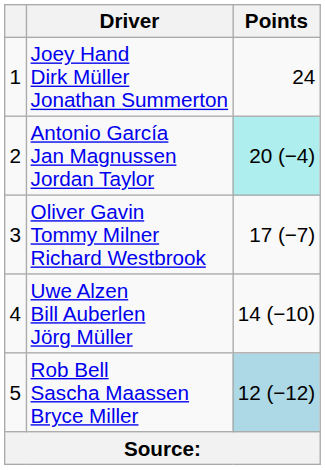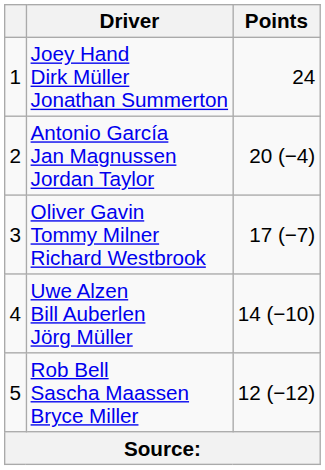 <table class="wikitable" style="font-size: 95%;">
 <tr>
 <th scope="col"></th>
 <th scope="col">Driver</th>
 <th scope="col">Points</th>
 </tr>
 <tr>
 <td align=center>1</td>
 <td> <a href='#'>Joey Hand</a><br> <a href='#'>Dirk Müller</a><br> <a href='#'>Jonathan Summerton</a></td>
 <td align=right>24</td>
 </tr>
 <tr>
 <td align=center>2</td>
 <td> <a href='#'>Antonio García</a><br> <a href='#'>Jan Magnussen</a><br> <a href='#'>Jordan Taylor</a></td>
-<td align=right style="background: paleturquoise;">20 (−4)</td>
+<td align=right>20 (−4)</td>
 </tr>
 <tr>
 <td align=center>3</td>
 <td> <a href='#'>Oliver Gavin</a><br> <a href='#'>Tommy Milner</a><br> <a href='#'>Richard Westbrook</a></td>
 <td align=right>17 (−7)</td>
 </tr>
 <tr>
 <td align=center>4</td>
 <td> <a href='#'>Uwe Alzen</a><br> <a href='#'>Bill Auberlen</a><br> <a href='#'>Jörg Müller</a></td>
 <td align=right>14 (−10)</td>
 </tr>
 <tr>
 <td align=center>5</td>
 <td> <a href='#'>Rob Bell</a><br> <a href='#'>Sascha Maassen</a><br> <a href='#'>Bryce Miller</a></td>
-<td align=right style="background: lightblue;">12 (−12)</td>
+<td align=right>12 (−12)</td>
 </tr>
 <tr>
 <th colspan=4>Source:</th>
 </tr>
 </table>
